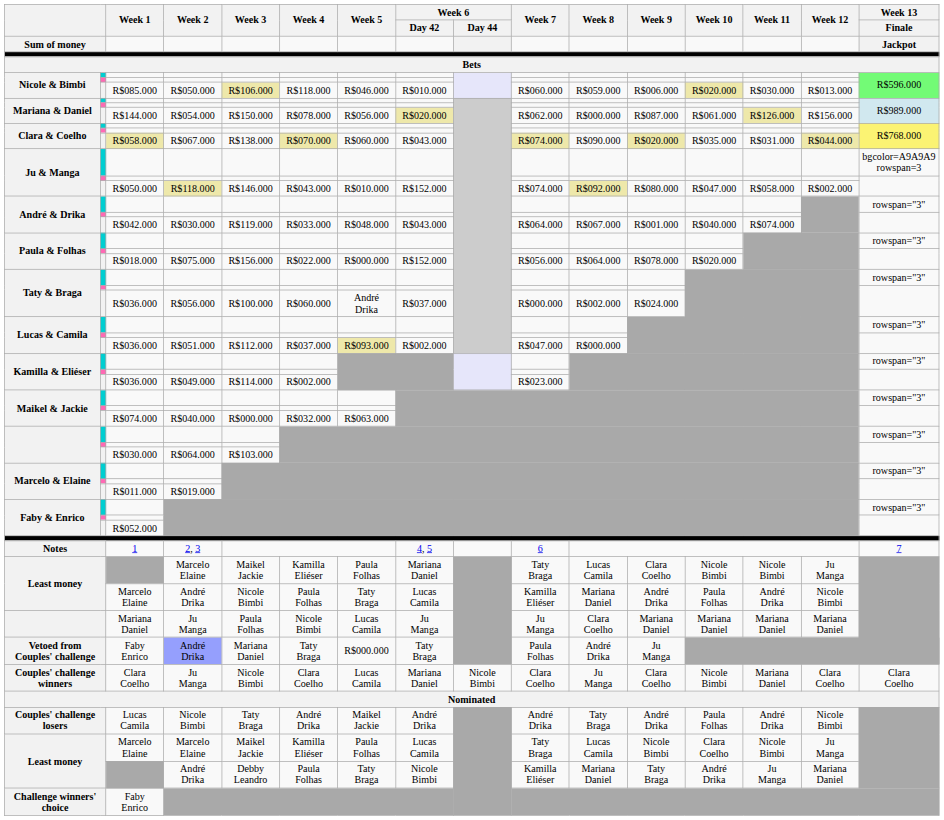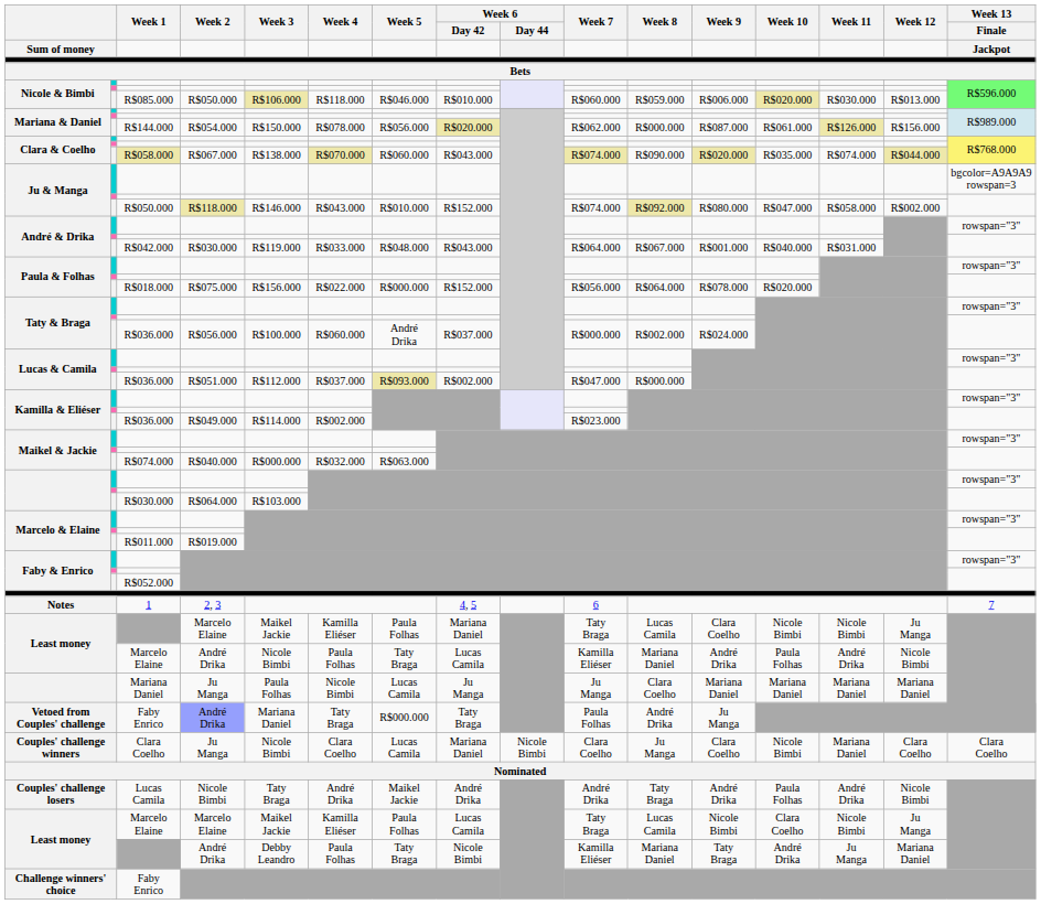 <table class="wikitable" style="text-align:center; font-size:85%; width:100%; line-height:15px;">
 <tr>
 <th rowspan=2 colspan=2 style="width:10.5%"></th>
 <th rowspan=2 style="width:06.0%">Week 1</th>
 <th rowspan=2 style="width:06.0%">Week 2</th>
 <th rowspan=2 style="width:06.0%">Week 3</th>
 <th rowspan=2 style="width:06.0%">Week 4</th>
 <th rowspan=2 style="width:06.0%">Week 5</th>
 <th colspan=2 style="width:12.0%">Week 6</th>
 <th rowspan=2 style="width:06.0%">Week 7</th>
 <th rowspan=2 style="width:06.0%">Week 8</th>
 <th rowspan=2 style="width:06.0%">Week 9</th>
 <th rowspan=2 style="width:06.0%">Week 10</th>
 <th rowspan=2 style="width:06.0%">Week 11</th>
 <th rowspan=2 style="width:06.0%">Week 12</th>
 <th rowspan=1 style="width:06.0%">Week 13</th>
 </tr>
 <tr>
 <th style="width:06.0%">Day 42</th>
 <th style="width:06.0%">Day 44</th>
 <th style="width:06.0%">Finale</th>
 </tr>
 <tr>
 <th colspan=2>Sum of money</th>
 <td></td>
 <td></td>
 <td></td>
 <td></td>
 <td></td>
 <td></td>
 <th></th>
 <td></td>
 <td></td>
 <td></td>
 <td></td>
 <td></td>
 <td></td>
 <th>Jackpot</th>
 </tr>
 <tr>
 <td bgcolor=000000 colspan=16></td>
 </tr>
 <tr>
 <th colspan=16>Bets</th>
 </tr>
 <tr>
 <th rowspan=3>Nicole & Bimbi</th>
 <td bgcolor=00CED1></td>
 <td></td>
 <td></td>
 <td></td>
 <td></td>
 <td></td>
 <td></td>
 <td bgcolor=E6E6FA rowspan=3></td>
 <td></td>
 <td></td>
 <td></td>
 <td></td>
 <td></td>
 <td></td>
 <td bgcolor=73FB76 rowspan=3>R$596.000</td>
 </tr>
 <tr>
 <td bgcolor=FF69B4></td>
 <td></td>
 <td></td>
 <td></td>
 <td></td>
 <td></td>
 <td></td>
 <td></td>
 <td></td>
 <td></td>
 <td></td>
 <td></td>
 <td></td>
 </tr>
 <tr>
 <th></th>
 <td>R$085.000</td>
 <td>R$050.000</td>
 <td bgcolor=EEE8AA>R$106.000</td>
 <td>R$118.000</td>
 <td>R$046.000</td>
 <td>R$010.000</td>
 <td>R$060.000</td>
 <td>R$059.000</td>
 <td>R$006.000</td>
 <td bgcolor=EEE8AA>R$020.000</td>
 <td>R$030.000</td>
 <td>R$013.000</td>
 </tr>
 <tr>
 <th rowspan=3>Mariana & Daniel</th>
 <td bgcolor=00CED1></td>
 <td></td>
 <td></td>
 <td></td>
 <td></td>
 <td></td>
 <td></td>
 <td rowspan=21 bgcolor=CCCCCC></td>
 <td></td>
 <td></td>
 <td></td>
 <td></td>
 <td></td>
 <td></td>
 <td bgcolor=D1E8EF rowspan=3>R$989.000</td>
 </tr>
 <tr>
 <td bgcolor=FF69B4></td>
 <td></td>
 <td></td>
 <td></td>
 <td></td>
 <td></td>
 <td></td>
 <td></td>
 <td></td>
 <td></td>
 <td></td>
 <td></td>
 <td></td>
 </tr>
 <tr>
 <th></th>
 <td>R$144.000</td>
 <td>R$054.000</td>
 <td>R$150.000</td>
 <td>R$078.000</td>
 <td>R$056.000</td>
 <td bgcolor=EEE8AA>R$020.000</td>
 <td>R$062.000</td>
 <td>R$000.000</td>
 <td>R$087.000</td>
 <td>R$061.000</td>
 <td bgcolor=EEE8AA>R$126.000</td>
 <td>R$156.000</td>
 </tr>
 <tr>
 <th rowspan=3>Clara & Coelho</th>
 <td bgcolor=00CED1></td>
 <td></td>
 <td></td>
 <td></td>
 <td></td>
 <td></td>
 <td></td>
 <td></td>
 <td></td>
 <td></td>
 <td></td>
 <td></td>
 <td></td>
 <td bgcolor=FBF373 rowspan=3>R$768.000</td>
 </tr>
 <tr>
 <td bgcolor=FF69B4></td>
 <td></td>
 <td></td>
 <td></td>
 <td></td>
 <td></td>
 <td></td>
 <td></td>
 <td></td>
 <td></td>
 <td></td>
 <td></td>
 <td></td>
 </tr>
 <tr>
 <th></th>
 <td bgcolor=EEE8AA>R$058.000</td>
 <td>R$067.000</td>
 <td>R$138.000</td>
 <td bgcolor=EEE8AA>R$070.000</td>
 <td>R$060.000</td>
 <td>R$043.000</td>
 <td bgcolor=EEE8AA>R$074.000</td>
 <td>R$090.000</td>
 <td bgcolor=EEE8AA>R$020.000</td>
 <td>R$035.000</td>
-<td>R$031.000</td>
+<td>R$074.000</td>
 <td bgcolor=EEE8AA>R$044.000</td>
 </tr>
 <tr>
 <th rowspan=3>Ju & Manga</th>
 <td bgcolor=00CED1></td>
 <td></td>
 <td></td>
 <td></td>
 <td></td>
 <td></td>
 <td></td>
 <td></td>
 <td></td>
 <td></td>
 <td></td>
 <td></td>
 <td></td>
 <td>bgcolor=A9A9A9 rowspan=3 </td>
 </tr>
 <tr>
 <td bgcolor=FF69B4></td>
 <td></td>
 <td></td>
 <td></td>
 <td></td>
 <td></td>
 <td></td>
 <td></td>
 <td></td>
 <td></td>
 <td></td>
 <td></td>
 <td></td>
 </tr>
 <tr>
 <th></th>
 <td>R$050.000</td>
 <td bgcolor=EEE8AA>R$118.000</td>
 <td>R$146.000</td>
 <td>R$043.000</td>
 <td>R$010.000</td>
 <td>R$152.000</td>
 <td>R$074.000</td>
 <td bgcolor=EEE8AA>R$092.000</td>
 <td>R$080.000</td>
 <td>R$047.000</td>
 <td>R$058.000</td>
 <td>R$002.000</td>
 </tr>
 <tr>
 <th rowspan=3>André & Drika</th>
 <td bgcolor=00CED1></td>
 <td></td>
 <td></td>
 <td></td>
 <td></td>
 <td></td>
 <td></td>
 <td></td>
 <td></td>
 <td></td>
 <td></td>
 <td></td>
 <td rowspan="3" bgcolor="A9A9A9"></td>
 <td>rowspan="3" </td>
 </tr>
 <tr>
 <td bgcolor=FF69B4></td>
 <td></td>
 <td></td>
 <td></td>
 <td></td>
 <td></td>
 <td></td>
 <td></td>
 <td></td>
 <td></td>
 <td></td>
 <td></td>
 </tr>
 <tr>
 <th></th>
 <td>R$042.000</td>
 <td>R$030.000</td>
 <td>R$119.000</td>
 <td>R$033.000</td>
 <td>R$048.000</td>
 <td>R$043.000</td>
 <td>R$064.000</td>
 <td>R$067.000</td>
 <td>R$001.000</td>
 <td>R$040.000</td>
-<td>R$074.000</td>
+<td>R$031.000</td>
 </tr>
 <tr>
 <th rowspan=3>Paula & Folhas</th>
 <td bgcolor=00CED1></td>
 <td></td>
 <td></td>
 <td></td>
 <td></td>
 <td></td>
 <td></td>
 <td></td>
 <td></td>
 <td></td>
 <td></td>
 <td colspan="2" rowspan="3" bgcolor="A9A9A9"></td>
 <td>rowspan="3" </td>
 </tr>
 <tr>
 <td bgcolor=FF69B4></td>
 <td></td>
 <td></td>
 <td></td>
 <td></td>
 <td></td>
 <td></td>
 <td></td>
 <td></td>
 <td></td>
 <td></td>
 </tr>
 <tr>
 <th></th>
 <td>R$018.000</td>
 <td>R$075.000</td>
 <td>R$156.000</td>
 <td>R$022.000</td>
 <td>R$000.000</td>
 <td>R$152.000</td>
 <td>R$056.000</td>
 <td>R$064.000</td>
 <td>R$078.000</td>
 <td>R$020.000</td>
 </tr>
 <tr>
 <th rowspan=3>Taty & Braga</th>
 <td bgcolor=00CED1></td>
 <td></td>
 <td></td>
 <td></td>
 <td></td>
 <td></td>
 <td></td>
 <td></td>
 <td></td>
 <td></td>
 <td colspan="3" rowspan="3" bgcolor="A9A9A9"></td>
 <td>rowspan="3" </td>
 </tr>
 <tr>
 <td bgcolor=FF69B4></td>
 <td></td>
 <td></td>
 <td></td>
 <td></td>
 <td></td>
 <td></td>
 <td></td>
 <td></td>
 <td></td>
 </tr>
 <tr>
 <th></th>
 <td>R$036.000</td>
 <td>R$056.000</td>
 <td>R$100.000</td>
 <td>R$060.000</td>
 <td>André<br>Drika</td>
 <td>R$037.000</td>
 <td>R$000.000</td>
 <td>R$002.000</td>
 <td>R$024.000</td>
 </tr>
 <tr>
 <th rowspan=3>Lucas & Camila</th>
 <td bgcolor=00CED1></td>
 <td></td>
 <td></td>
 <td></td>
 <td></td>
 <td></td>
 <td></td>
 <td></td>
 <td></td>
 <td colspan="4" rowspan="3" bgcolor="A9A9A9"></td>
 <td>rowspan="3" </td>
 </tr>
 <tr>
 <td bgcolor=FF69B4></td>
 <td></td>
 <td></td>
 <td></td>
 <td></td>
 <td></td>
 <td></td>
 <td></td>
 <td></td>
 </tr>
 <tr>
 <th></th>
 <td>R$036.000</td>
 <td>R$051.000</td>
 <td>R$112.000</td>
 <td>R$037.000</td>
 <td bgcolor=EEE8AA>R$093.000</td>
 <td>R$002.000</td>
 <td>R$047.000</td>
 <td>R$000.000</td>
 </tr>
 <tr>
 <th rowspan=3>Kamilla & Eliéser</th>
 <td bgcolor=00CED1></td>
 <td></td>
 <td></td>
 <td></td>
 <td></td>
 <td bgcolor=A9A9A9 rowspan=3 colspan=2></td>
 <td bgcolor=E6E6FA rowspan=3></td>
 <td></td>
 <td colspan="5" rowspan="3" bgcolor="A9A9A9"></td>
 <td>rowspan="3" </td>
 </tr>
 <tr>
 <td bgcolor=FF69B4></td>
 <td></td>
 <td></td>
 <td></td>
 <td></td>
 <td></td>
 </tr>
 <tr>
 <th></th>
 <td>R$036.000</td>
 <td>R$049.000</td>
 <td>R$114.000</td>
 <td>R$002.000</td>
 <td>R$023.000</td>
 </tr>
 <tr>
 <th rowspan=3>Maikel & Jackie</th>
 <td bgcolor=00CED1></td>
 <td></td>
 <td></td>
 <td></td>
 <td></td>
 <td></td>
 <td colspan="8" rowspan="3" bgcolor="A9A9A9"></td>
 <td>rowspan="3" </td>
 </tr>
 <tr>
 <td bgcolor=FF69B4></td>
 <td></td>
 <td></td>
 <td></td>
 <td></td>
 <td></td>
 </tr>
 <tr>
 <th></th>
 <td>R$074.000</td>
 <td>R$040.000</td>
 <td>R$000.000</td>
 <td>R$032.000</td>
 <td>R$063.000</td>
 </tr>
 <tr>
 <th rowspan=3></th>
 <td bgcolor=00CED1></td>
 <td></td>
 <td></td>
 <td></td>
 <td colspan="10" rowspan="3" bgcolor="A9A9A9"></td>
 <td>rowspan="3" </td>
 </tr>
 <tr>
 <td bgcolor=FF69B4></td>
 <td></td>
 <td></td>
 <td></td>
 </tr>
 <tr>
 <th></th>
 <td>R$030.000</td>
 <td>R$064.000</td>
 <td>R$103.000</td>
 </tr>
 <tr>
 <th rowspan=3>Marcelo & Elaine</th>
 <td bgcolor=00CED1></td>
 <td></td>
 <td></td>
 <td colspan="11" rowspan="3" bgcolor="A9A9A9"></td>
 <td>rowspan="3" </td>
 </tr>
 <tr>
 <td bgcolor=FF69B4></td>
 <td></td>
 <td></td>
 </tr>
 <tr>
 <th></th>
 <td>R$011.000</td>
 <td>R$019.000</td>
 </tr>
 <tr>
 <th rowspan=3>Faby & Enrico</th>
 <td bgcolor=00CED1></td>
 <td></td>
 <td colspan="12" rowspan="3" bgcolor="A9A9A9"></td>
 <td>rowspan="3" </td>
 </tr>
 <tr>
 <td bgcolor=FF69B4></td>
 <td></td>
 </tr>
 <tr>
 <th></th>
 <td>R$052.000</td>
 </tr>
 <tr>
 <td bgcolor=000000 colspan=17></td>
 </tr>
 <tr>
 <th colspan=2>Notes</th>
 <td><a href='#'>1</a></td>
 <td><a href='#'>2</a>, <a href='#'>3</a></td>
 <td colspan=3></td>
 <td><a href='#'>4</a>, <a href='#'>5</a></td>
 <td></td>
 <td><a href='#'>6</a></td>
 <td colspan=5></td>
 <td><a href='#'>7</a></td>
 </tr>
 <tr>
 <th rowspan=2 colspan=2>Least money<br></th>
 <td bgcolor=A9A9A9></td>
 <td>Marcelo<br>Elaine</td>
 <td>Maikel<br>Jackie</td>
 <td>Kamilla<br>Eliéser</td>
 <td>Paula<br>Folhas</td>
 <td>Mariana<br>Daniel</td>
 <td bgcolor=A9A9A9 rowspan=4></td>
 <td>Taty<br>Braga</td>
 <td>Lucas<br>Camila</td>
 <td>Clara<br>Coelho</td>
 <td>Nicole<br>Bimbi</td>
 <td>Nicole<br>Bimbi</td>
 <td>Ju<br>Manga</td>
 <td bgcolor=A9A9A9 rowspan=4></td>
 </tr>
 <tr>
 <td>Marcelo<br>Elaine</td>
 <td>André<br>Drika</td>
 <td>Nicole<br>Bimbi</td>
 <td>Paula<br>Folhas</td>
 <td>Taty<br>Braga</td>
 <td>Lucas<br>Camila</td>
 <td>Kamilla<br>Eliéser</td>
 <td>Mariana<br>Daniel</td>
 <td>André<br>Drika</td>
 <td>Paula<br>Folhas</td>
 <td>André<br>Drika</td>
 <td>Nicole<br>Bimbi</td>
 </tr>
 <tr>
 <th colspan=2></th>
 <td>Mariana<br>Daniel</td>
 <td>Ju<br>Manga</td>
 <td>Paula<br>Folhas</td>
 <td>Nicole<br>Bimbi</td>
 <td>Lucas<br>Camila</td>
 <td>Ju<br>Manga</td>
 <td>Ju<br>Manga</td>
 <td>Clara<br>Coelho</td>
 <td>Mariana<br>Daniel</td>
 <td>Mariana<br>Daniel</td>
 <td>Mariana<br>Daniel</td>
 <td>Mariana<br>Daniel</td>
 </tr>
 <tr>
 <th colspan=2>Vetoed from<br>Couples' challenge</th>
 <td>Faby<br>Enrico</td>
 <td bgcolor=959FFD>André<br>Drika</td>
 <td>Mariana<br>Daniel</td>
 <td>Taty<br>Braga</td>
 <td>R$000.000</td>
 <td>Taty<br>Braga</td>
 <td>Paula<br>Folhas</td>
 <td>André<br>Drika</td>
 <td>Ju<br>Manga</td>
 <td bgcolor=A9A9A9 colspan=4></td>
 </tr>
 <tr>
 <th colspan=2>Couples' challenge winners</th>
 <td>Clara<br>Coelho</td>
 <td>Ju<br>Manga</td>
 <td>Nicole<br>Bimbi</td>
 <td>Clara<br>Coelho</td>
 <td>Lucas<br>Camila</td>
 <td>Mariana<br>Daniel</td>
 <td>Nicole<br>Bimbi</td>
 <td>Clara<br>Coelho</td>
 <td>Ju<br>Manga</td>
 <td>Clara<br>Coelho</td>
 <td>Nicole<br>Bimbi</td>
 <td>Mariana<br>Daniel</td>
 <td>Clara<br>Coelho</td>
 <td>Clara<br>Coelho</td>
 </tr>
 <tr>
 <th colspan=16>Nominated</th>
 </tr>
 <tr>
 <th colspan=2>Couples' challenge<br>losers</th>
 <td>Lucas<br>Camila</td>
 <td>Nicole<br>Bimbi</td>
 <td>Taty<br>Braga</td>
 <td>André<br>Drika</td>
 <td>Maikel<br>Jackie</td>
 <td>André<br>Drika</td>
 <td bgcolor=A9A9A9 rowspan=4></td>
 <td>André<br>Drika</td>
 <td>Taty<br>Braga</td>
 <td>André<br>Drika</td>
 <td>Paula<br>Folhas</td>
 <td>André<br>Drika</td>
 <td>Nicole<br>Bimbi</td>
 <td bgcolor=A9A9A9 rowspan=3></td>
 </tr>
 <tr>
 <th rowspan=2 colspan=2>Least money<br></th>
 <td>Marcelo<br>Elaine</td>
 <td>Marcelo<br>Elaine</td>
 <td>Maikel<br>Jackie</td>
 <td>Kamilla<br>Eliéser</td>
 <td>Paula<br>Folhas</td>
 <td>Lucas<br>Camila</td>
 <td>Taty<br>Braga</td>
 <td>Lucas<br>Camila</td>
 <td>Nicole<br>Bimbi</td>
 <td>Clara<br>Coelho</td>
 <td>Nicole<br>Bimbi</td>
 <td>Ju<br>Manga</td>
 </tr>
 <tr>
 <td bgcolor=A9A9A9></td>
 <td>André<br>Drika</td>
 <td>Debby<br>Leandro</td>
 <td>Paula<br>Folhas</td>
 <td>Taty<br>Braga</td>
 <td>Nicole<br>Bimbi</td>
 <td>Kamilla<br>Eliéser</td>
 <td>Mariana<br>Daniel</td>
 <td>Taty<br>Braga</td>
 <td>André<br>Drika</td>
 <td>Ju<br>Manga</td>
 <td>Mariana<br>Daniel</td>
 </tr>
 <tr>
 <th colspan=2>Challenge winners'<br>choice</th>
 <td>Faby<br>Enrico</td>
 <td bgcolor=A9A9A9 colspan=5></td>
 <td bgcolor=A9A9A9 colspan=7></td>
 </tr>
 </table>
